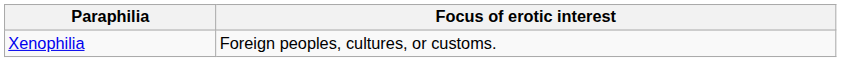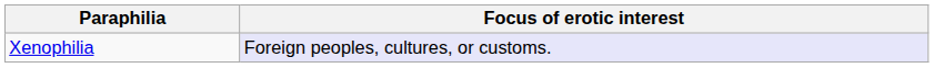 <table class="wikitable sortable" border="1">
 <tr>
 <th width="200px">Paraphilia</th>
 <th width="600px">Focus of erotic interest</th>
 </tr>
 <tr>
 <td><a href='#'>Xenophilia</a></td>
-<td>Foreign peoples, cultures, or customs.</td>
+<td style="background: lavender;">Foreign peoples, cultures, or customs.</td>
 </tr>
 </table>
